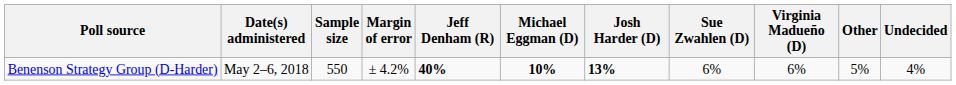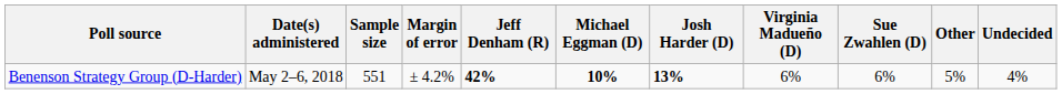 <table class="wikitable">
 <tr>
 <th>Poll source</th>
 <th>Date(s)<br>administered</th>
 <th>Sample<br>size</th>
 <th>Margin<br>of error</th>
 <th style="width:90px">Jeff<br>Denham (R)</th>
 <th style="width:90px">Michael<br>Eggman (D)</th>
 <th style="width:90px">Josh<br>Harder (D)</th>
+<th style="width:90px">Virginia<br>Madueño (D)</th>
 <th style="width:90px">Sue<br>Zwahlen (D)</th>
-<th style="width:90px">Virginia<br>Madueño (D)</th>
 <th>Other</th>
 <th>Undecided</th>
 </tr>
 <tr>
 <td><a href='#'>Benenson Strategy Group (D-Harder)</a></td>
 <td style="text-align:center">May 2–6, 2018</td>
-<td style="text-align:center">550</td>
+<td style="text-align:center">551</td>
 <td style="text-align:center">± 4.2%</td>
-<td style="background-color:"><strong>40%</strong></td>
+<td style="background-color:"><strong>42%</strong></td>
 <td style="text-align:center"><strong>10%</strong></td>
 <td style="background-color:"><strong>13%</strong></td>
 <td style="text-align:center">6%</td>
 <td style="text-align:center">6%</td>
 <td style="text-align:center">5%</td>
 <td style="text-align:center">4%</td>
 </tr>
 </table>
